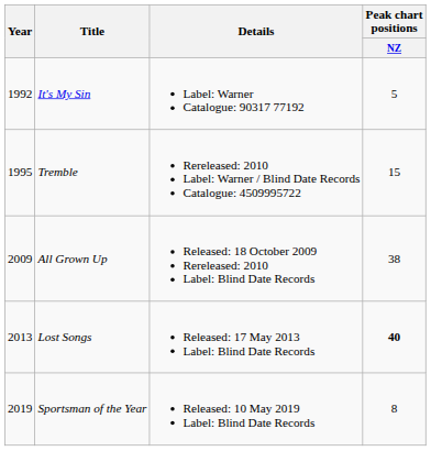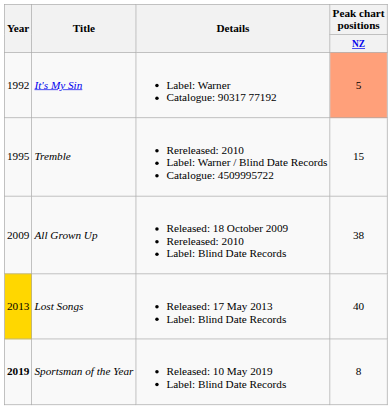 <table class="wikitable plainrowheaders">
 <tr>
 <th rowspan="2">Year</th>
 <th rowspan="2">Title</th>
 <th rowspan="2">Details</th>
 <th>Peak chart<br>positions</th>
 </tr>
 <tr>
 <th><small><a href='#'>NZ</a></small></th>
 </tr>
 <tr>
 <td>1992</td>
 <td><em><a href='#'>It's My Sin</a></em></td>
 <td><br><ul><li>Label: Warner</li><li>Catalogue: 90317 77192</li></ul></td>
-<td align="center">5</td>
+<td align="center" style="background: lightsalmon;">5</td>
 </tr>
 <tr>
 <td>1995</td>
 <td><em>Tremble</em></td>
 <td><br><ul><li>Rereleased: 2010</li><li>Label: Warner / Blind Date Records</li><li>Catalogue: 4509995722</li></ul></td>
 <td align="center">15</td>
 </tr>
 <tr>
 <td>2009</td>
 <td><em>All Grown Up</em></td>
 <td><br><ul><li>Released: 18 October 2009</li><li>Rereleased: 2010</li><li>Label: Blind Date Records</li></ul></td>
 <td align="center">38</td>
 </tr>
 <tr>
-<td>2013</td>
+<td style="background: gold;">2013</td>
 <td><em>Lost Songs</em></td>
 <td><br><ul><li>Released: 17 May 2013</li><li>Label: Blind Date Records</li></ul></td>
-<td align="center"><strong>40</strong></td>
+<td align="center">40</td>
 </tr>
 <tr>
-<td>2019</td>
+<td><strong>2019</strong></td>
 <td><em>Sportsman of the Year</em></td>
 <td><br><ul><li>Released: 10 May 2019</li><li>Label: Blind Date Records</li></ul></td>
 <td align="center">8<br></td>
 </tr>
 </table>
